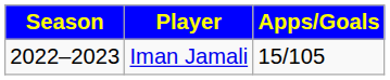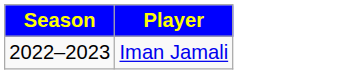 <table class="wikitable">
 <tr>
 <th style="color:yellow; background:blue">Season</th>
 <th style="color:yellow; background:blue">Player</th>
-<th style="color:yellow; background:blue">Apps/Goals</th>
 </tr>
 <tr>
 <td>2022–2023</td>
 <td> <a href='#'>Iman Jamali</a></td>
-<td>15/105</td>
 </tr>
 </table>
